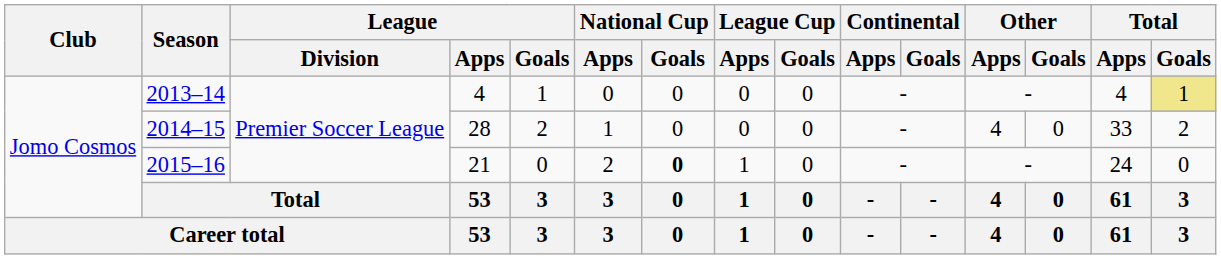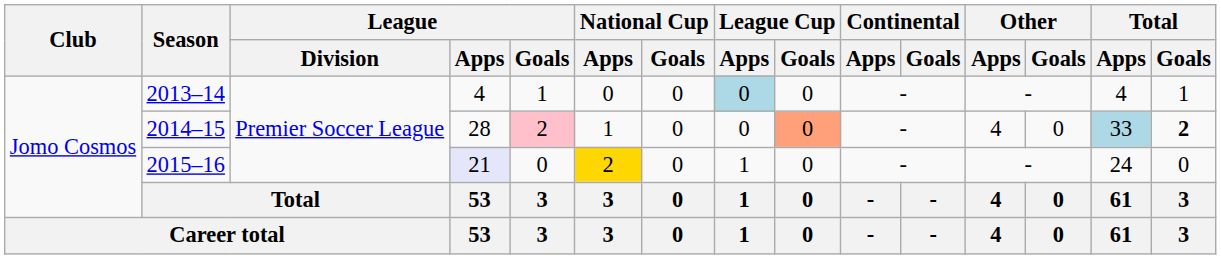 <table class="wikitable" style="text-align: center;">
 <tr>
 <th rowspan="2">Club</th>
 <th rowspan="2">Season</th>
 <th colspan="3">League</th>
 <th colspan="2">National Cup</th>
 <th colspan="2">League Cup</th>
 <th colspan="2">Continental</th>
 <th colspan="2">Other</th>
 <th colspan="2">Total</th>
 </tr>
 <tr>
 <th>Division</th>
 <th>Apps</th>
 <th>Goals</th>
 <th>Apps</th>
 <th>Goals</th>
 <th>Apps</th>
 <th>Goals</th>
 <th>Apps</th>
 <th>Goals</th>
 <th>Apps</th>
 <th>Goals</th>
 <th>Apps</th>
 <th>Goals</th>
 </tr>
 <tr>
 <td rowspan="4" valign="center"><a href='#'>Jomo Cosmos</a></td>
 <td><a href='#'>2013–14</a></td>
 <td rowspan="3" valign="center"><a href='#'>Premier Soccer League</a></td>
 <td>4</td>
 <td>1</td>
 <td>0</td>
 <td>0</td>
-<td>0</td>
+<td style="background: lightblue;">0</td>
 <td>0</td>
 <td colspan="2">-</td>
 <td colspan="2">-</td>
 <td>4</td>
-<td style="background: khaki;">1</td>
+<td>1</td>
 </tr>
 <tr>
 <td><a href='#'>2014–15</a></td>
 <td>28</td>
-<td>2</td>
+<td style="background: pink;">2</td>
 <td>1</td>
 <td>0</td>
 <td>0</td>
-<td>0</td>
+<td style="background: lightsalmon;">0</td>
 <td colspan="2">-</td>
 <td>4</td>
 <td>0</td>
-<td>33</td>
-<td>2</td>
+<td style="background: lightblue;">33</td>
+<td><strong>2</strong></td>
 </tr>
 <tr>
 <td><a href='#'>2015–16</a></td>
-<td>21</td>
+<td style="background: lavender;">21</td>
 <td>0</td>
-<td>2</td>
-<td><strong>0</strong></td>
+<td style="background: gold;">2</td>
+<td>0</td>
 <td>1</td>
 <td>0</td>
 <td colspan="2">-</td>
 <td colspan="2">-</td>
 <td>24</td>
 <td>0</td>
 </tr>
 <tr>
 <th colspan="2">Total</th>
 <th>53</th>
 <th>3</th>
 <th>3</th>
 <th>0</th>
 <th>1</th>
 <th>0</th>
 <th>-</th>
 <th>-</th>
 <th>4</th>
 <th>0</th>
 <th>61</th>
 <th>3</th>
 </tr>
 <tr>
 <th colspan="3">Career total</th>
 <th>53</th>
 <th>3</th>
 <th>3</th>
 <th>0</th>
 <th>1</th>
 <th>0</th>
 <th>-</th>
 <th>-</th>
 <th>4</th>
 <th>0</th>
 <th>61</th>
 <th>3</th>
 </tr>
 </table>
